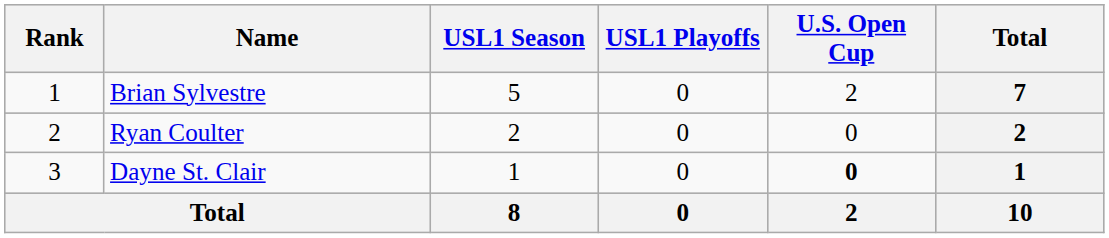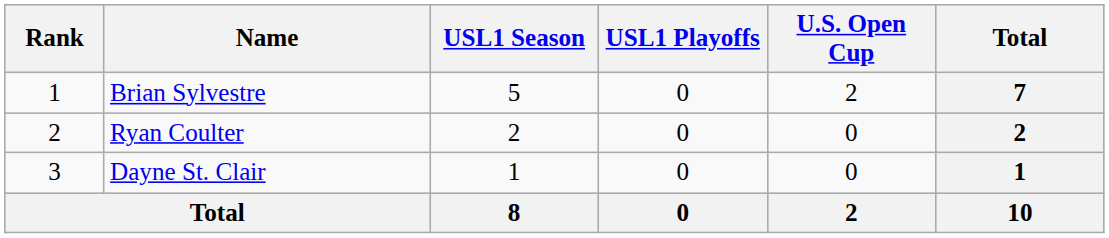 <table class="wikitable" style="text-align:center;">
 <tr>
 <th style="width:56px;">Rank</th>
 <th style="width:200px;">Name</th>
 <th style="width:100px;"><a href='#'>USL1 Season</a></th>
 <th style="width:100px;"><a href='#'>USL1 Playoffs</a></th>
 <th style="width:100px;"><a href='#'>U.S. Open Cup</a></th>
 <th style="width:100px;">Total</th>
 </tr>
 <tr>
 <td>1</td>
 <td align="left"> <a href='#'>Brian Sylvestre</a></td>
 <td>5</td>
 <td>0</td>
 <td>2</td>
 <th>7</th>
 </tr>
 <tr>
 <td>2</td>
 <td align="left"> <a href='#'>Ryan Coulter</a></td>
 <td>2</td>
 <td>0</td>
 <td>0</td>
 <th>2</th>
 </tr>
 <tr>
 <td>3</td>
 <td align="left"> <a href='#'>Dayne St. Clair</a></td>
 <td>1</td>
 <td>0</td>
-<td><strong>0</strong></td>
+<td>0</td>
 <th>1</th>
 </tr>
 <tr>
 <th colspan="2">Total</th>
 <th>8</th>
 <th>0</th>
 <th>2</th>
 <th>10</th>
 </tr>
 </table>
